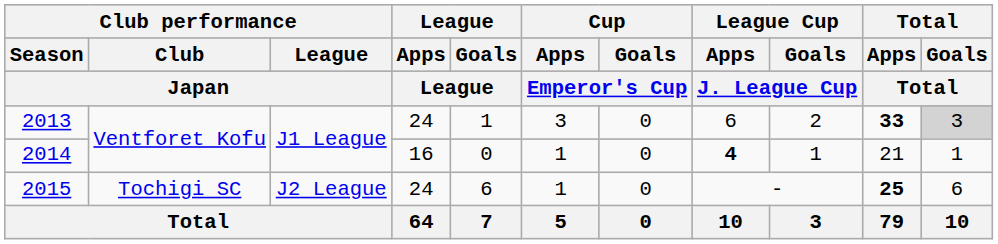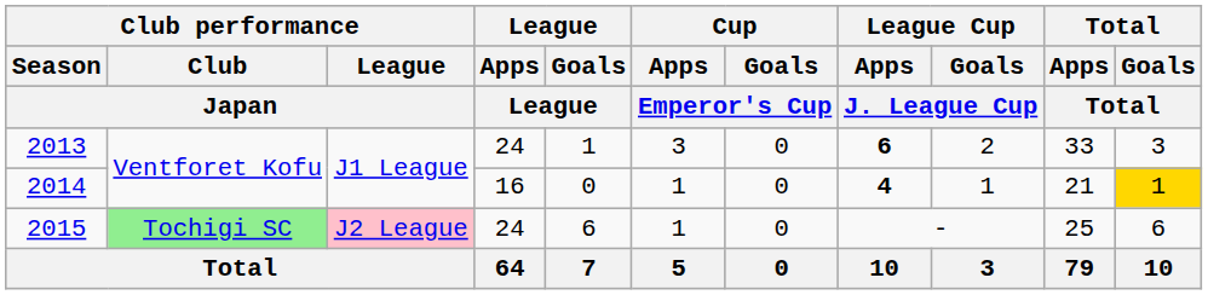 <table class="wikitable" style="text-align:center;">
 <tr>
 <th colspan=3>Club performance</th>
 <th colspan=2>League</th>
 <th colspan=2>Cup</th>
 <th colspan=2>League Cup</th>
 <th colspan=2>Total</th>
 </tr>
 <tr>
 <th>Season</th>
 <th>Club</th>
 <th>League</th>
 <th>Apps</th>
 <th>Goals</th>
 <th>Apps</th>
 <th>Goals</th>
 <th>Apps</th>
 <th>Goals</th>
 <th>Apps</th>
 <th>Goals</th>
 </tr>
 <tr>
 <th colspan=3>Japan</th>
 <th colspan=2>League</th>
 <th colspan=2><a href='#'>Emperor's Cup</a></th>
 <th colspan=2><a href='#'>J. League Cup</a></th>
 <th colspan=2>Total</th>
 </tr>
 <tr>
 <td><a href='#'>2013</a></td>
 <td rowspan="2"><a href='#'>Ventforet Kofu</a></td>
 <td rowspan="2"><a href='#'>J1 League</a></td>
 <td>24</td>
 <td>1</td>
 <td>3</td>
 <td>0</td>
-<td>6</td>
+<td><strong>6</strong></td>
 <td>2</td>
-<td><strong>33</strong></td>
-<td style="background: lightgrey;">3</td>
+<td>33</td>
+<td>3</td>
 </tr>
 <tr>
 <td><a href='#'>2014</a></td>
 <td>16</td>
 <td>0</td>
 <td>1</td>
 <td>0</td>
 <td><strong>4</strong></td>
 <td>1</td>
 <td>21</td>
-<td>1</td>
+<td style="background: gold;">1</td>
 </tr>
 <tr>
 <td><a href='#'>2015</a></td>
-<td><a href='#'>Tochigi SC</a></td>
-<td><a href='#'>J2 League</a></td>
+<td style="background: lightgreen;"><a href='#'>Tochigi SC</a></td>
+<td style="background: pink;"><a href='#'>J2 League</a></td>
 <td>24</td>
 <td>6</td>
 <td>1</td>
 <td>0</td>
 <td colspan="2">-</td>
-<td><strong>25</strong></td>
+<td>25</td>
 <td>6</td>
 </tr>
 <tr>
 <th colspan=3>Total</th>
 <th>64</th>
 <th>7</th>
 <th>5</th>
 <th>0</th>
 <th>10</th>
 <th>3</th>
 <th>79</th>
 <th>10</th>
 </tr>
 </table>
